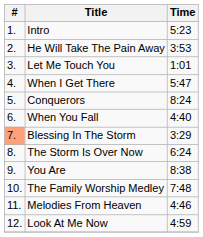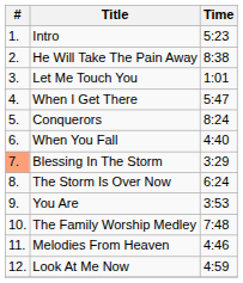 <table class="wikitable">
 <tr>
 <th>#</th>
 <th>Title</th>
 <th>Time</th>
 </tr>
 <tr>
 <td>1.</td>
 <td>Intro</td>
 <td>5:23</td>
 </tr>
 <tr>
 <td>2.</td>
 <td>He Will Take The Pain Away</td>
-<td>3:53</td>
+<td>8:38</td>
 </tr>
 <tr>
 <td>3.</td>
 <td>Let Me Touch You</td>
 <td>1:01</td>
 </tr>
 <tr>
 <td>4.</td>
 <td>When I Get There</td>
 <td>5:47</td>
 </tr>
 <tr>
 <td>5.</td>
 <td>Conquerors</td>
 <td>8:24</td>
 </tr>
 <tr>
 <td>6.</td>
 <td>When You Fall</td>
 <td>4:40</td>
 </tr>
 <tr>
 <td style="background: lightsalmon;">7.</td>
 <td>Blessing In The Storm</td>
 <td>3:29</td>
 </tr>
 <tr>
 <td>8.</td>
 <td>The Storm Is Over Now</td>
 <td>6:24</td>
 </tr>
 <tr>
 <td>9.</td>
 <td>You Are</td>
-<td>8:38</td>
+<td>3:53</td>
 </tr>
 <tr>
 <td>10.</td>
 <td>The Family Worship Medley</td>
 <td>7:48</td>
 </tr>
 <tr>
 <td>11.</td>
 <td>Melodies From Heaven</td>
 <td>4:46</td>
 </tr>
 <tr>
 <td>12.</td>
 <td>Look At Me Now</td>
 <td>4:59</td>
 </tr>
 <tr>
 </tr>
 </table>
